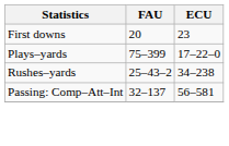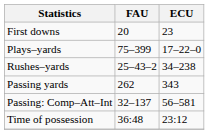 <table class="wikitable" style="float: left;">
 <tr>
 <th>Statistics</th>
 <th>FAU</th>
 <th>ECU</th>
 </tr>
 <tr>
 <td>First downs</td>
 <td>20</td>
 <td>23</td>
 </tr>
 <tr>
 <td>Plays–yards</td>
 <td>75–399</td>
 <td>17–22–0</td>
 </tr>
 <tr>
 <td>Rushes–yards</td>
 <td>25–43–2</td>
 <td>34–238</td>
 </tr>
 <tr>
+<td>Passing yards</td>
+<td>262</td>
+<td>343</td>
+</tr>
+<tr>
 <td>Passing: Comp–Att–Int</td>
 <td>32–137</td>
 <td>56–581</td>
 </tr>
 <tr>
+<td>Time of possession</td>
+<td>36:48</td>
+<td>23:12</td>
+</tr>
+<tr>
 </tr>
 </table>
